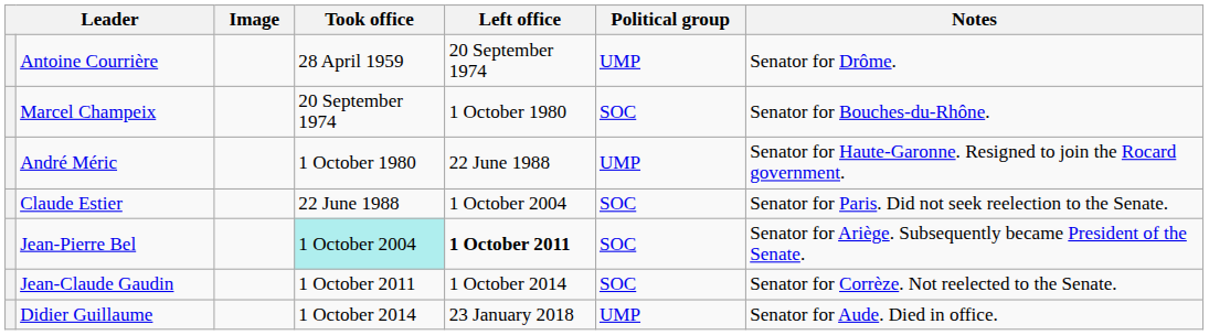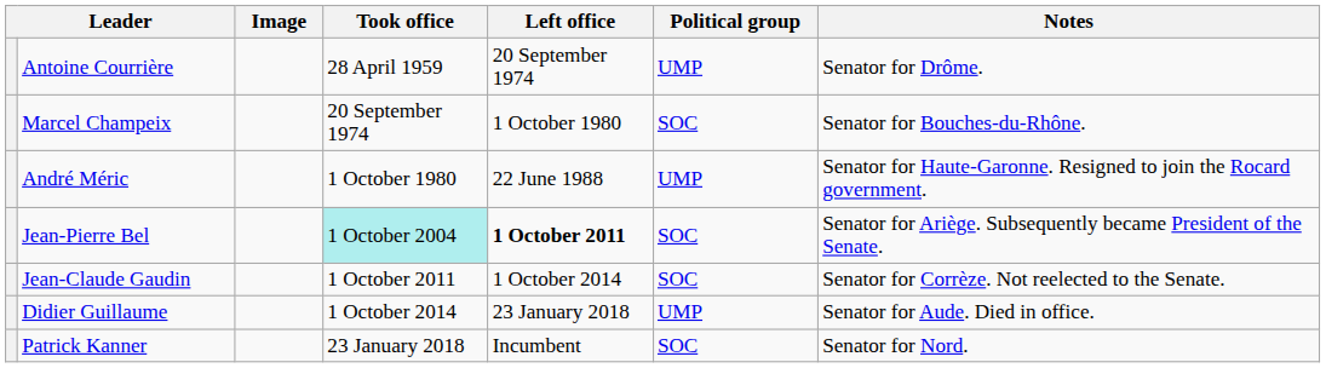 <table class="wikitable">
 <tr>
 <th colspan=2 width=170>Leader</th>
 <th width=60>Image</th>
 <th width=120>Took office</th>
 <th width=120>Left office</th>
 <th width=120>Political group</th>
 <th width=380>Notes</th>
 </tr>
 <tr>
 <th style="background:"></th>
 <td><a href='#'>Antoine Courrière</a></td>
 <td></td>
 <td>28 April 1959</td>
 <td>20 September 1974</td>
 <td><a href='#'>UMP</a></td>
 <td>Senator for <a href='#'>Drôme</a>.</td>
 </tr>
 <tr>
 <th style="background:"></th>
 <td><a href='#'>Marcel Champeix</a></td>
 <td></td>
 <td>20 September 1974</td>
 <td>1 October 1980</td>
 <td><a href='#'>SOC</a></td>
 <td>Senator for <a href='#'>Bouches-du-Rhône</a>.</td>
 </tr>
 <tr>
 <th style="background:"></th>
 <td><a href='#'>André Méric</a></td>
 <td></td>
 <td>1 October 1980</td>
 <td>22 June 1988</td>
 <td><a href='#'>UMP</a></td>
 <td>Senator for <a href='#'>Haute-Garonne</a>. Resigned to join the <a href='#'>Rocard government</a>.</td>
 </tr>
 <tr>
 <th style="background:"></th>
-<td><a href='#'>Claude Estier</a></td>
-<td></td>
-<td>22 June 1988</td>
-<td>1 October 2004</td>
-<td><a href='#'>SOC</a></td>
-<td>Senator for <a href='#'>Paris</a>. Did not seek reelection to the Senate.</td>
-</tr>
-<tr>
-<th style="background:"></th>
 <td><a href='#'>Jean-Pierre Bel</a></td>
 <td></td>
 <td style="background: paleturquoise;">1 October 2004</td>
 <td><strong>1 October 2011</strong></td>
 <td><a href='#'>SOC</a></td>
 <td>Senator for <a href='#'>Ariège</a>. Subsequently became <a href='#'>President of the Senate</a>.</td>
 </tr>
 <tr>
 <th style="background:"></th>
 <td><a href='#'>Jean-Claude Gaudin</a></td>
 <td></td>
 <td>1 October 2011</td>
 <td>1 October 2014</td>
 <td><a href='#'>SOC</a></td>
 <td>Senator for <a href='#'>Corrèze</a>. Not reelected to the Senate.</td>
 </tr>
 <tr>
 <th style="background:"></th>
 <td><a href='#'>Didier Guillaume</a></td>
 <td></td>
 <td>1 October 2014</td>
 <td>23 January 2018</td>
 <td><a href='#'>UMP</a></td>
 <td>Senator for <a href='#'>Aude</a>. Died in office.</td>
 </tr>
+<tr>
+<th style="background:"></th>
+<td><a href='#'>Patrick Kanner</a></td>
+<td></td>
+<td>23 January 2018</td>
+<td>Incumbent</td>
+<td><a href='#'>SOC</a></td>
+<td>Senator for <a href='#'>Nord</a>.</td>
+</tr>
 </table>
